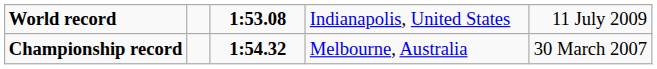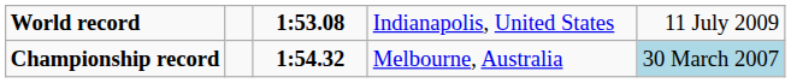 <table class="wikitable">
 <tr>
 <td><strong>World record</strong></td>
 <td style="padding-right:1em"></td>
 <td style="text-align:center;padding-left:1em; padding-right:1em;"><strong>1:53.08</strong></td>
 <td style="padding-right:1em"><a href='#'>Indianapolis</a>, <a href='#'>United States</a></td>
 <td align=right>11 July 2009</td>
 </tr>
 <tr>
 <td><strong>Championship record</strong></td>
 <td style="padding-right:1em"></td>
 <td style="text-align:center;padding-left:1em; padding-right:1em;"><strong>1:54.32</strong></td>
 <td style="padding-right:1em"><a href='#'>Melbourne</a>, <a href='#'>Australia</a></td>
-<td align=right>30 March 2007</td>
+<td align=right style="background: lightblue;">30 March 2007</td>
 </tr>
 </table>
